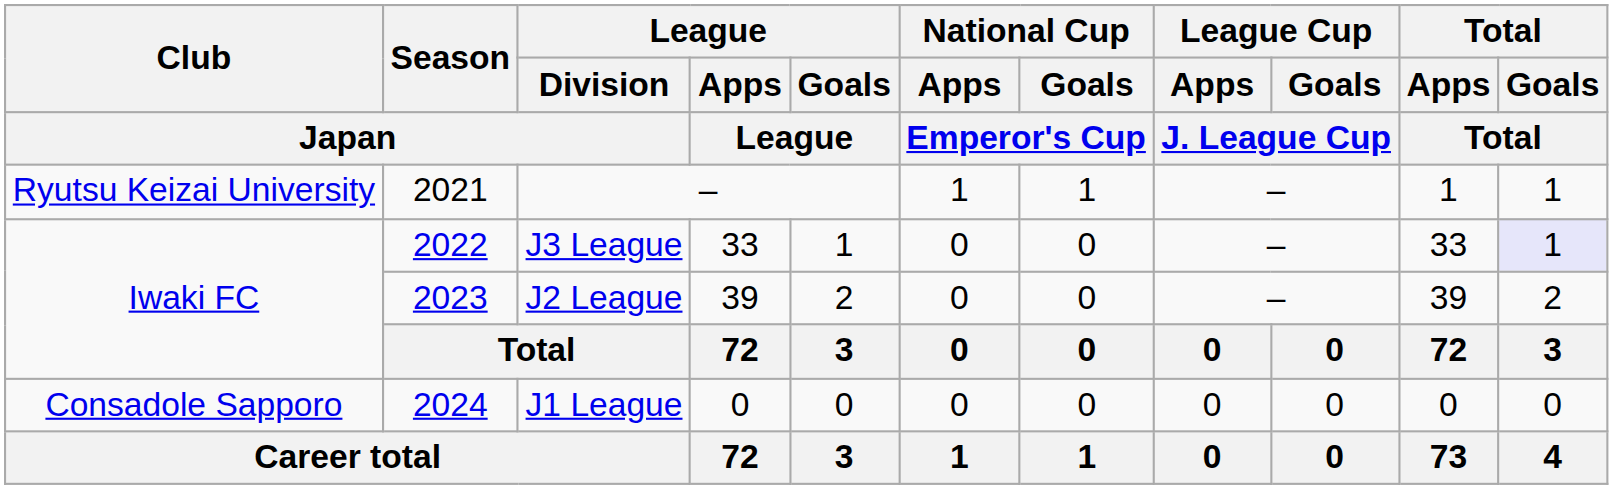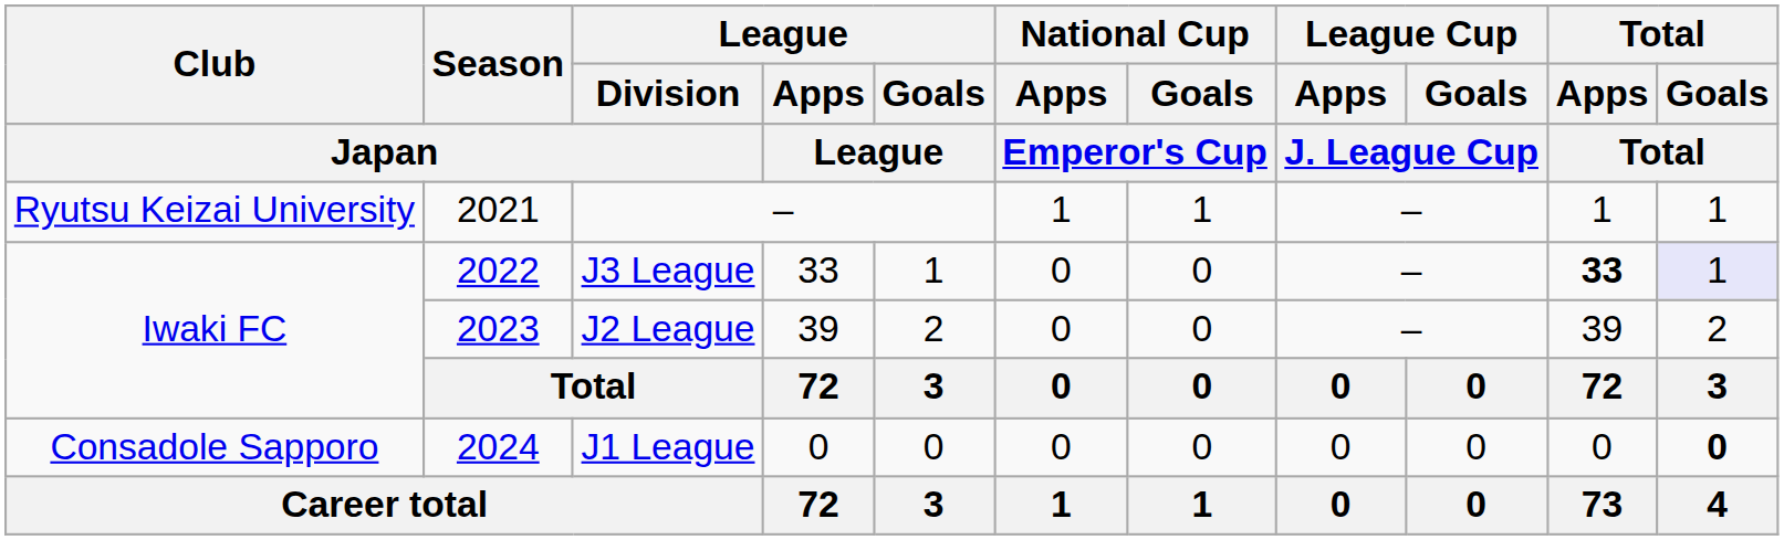 <table class="wikitable" style="text-align:center">
 <tr>
 <th rowspan=2>Club</th>
 <th rowspan=2>Season</th>
 <th colspan=3>League</th>
 <th colspan=2>National Cup</th>
 <th colspan=2>League Cup</th>
 <th colspan=2>Total</th>
 </tr>
 <tr>
 <th>Division</th>
 <th>Apps</th>
 <th>Goals</th>
 <th>Apps</th>
 <th>Goals</th>
 <th>Apps</th>
 <th>Goals</th>
 <th>Apps</th>
 <th>Goals</th>
 </tr>
 <tr>
 <th colspan=3>Japan</th>
 <th colspan=2>League</th>
 <th colspan=2><a href='#'>Emperor's Cup</a></th>
 <th colspan=2><a href='#'>J. League Cup</a></th>
 <th colspan=2>Total</th>
 </tr>
 <tr>
 <td><a href='#'>Ryutsu Keizai University</a></td>
 <td>2021</td>
 <td colspan="3">–</td>
 <td>1</td>
 <td>1</td>
 <td colspan="2">–</td>
 <td>1</td>
 <td>1</td>
 </tr>
 <tr>
 <td rowspan=3><a href='#'>Iwaki FC</a></td>
 <td><a href='#'>2022</a></td>
 <td><a href='#'>J3 League</a></td>
 <td>33</td>
 <td>1</td>
 <td>0</td>
 <td>0</td>
 <td colspan="2">–</td>
-<td>33</td>
+<td><strong>33</strong></td>
 <td style="background: lavender;">1</td>
 </tr>
 <tr>
 <td><a href='#'>2023</a></td>
 <td><a href='#'>J2 League</a></td>
 <td>39</td>
 <td>2</td>
 <td>0</td>
 <td>0</td>
 <td colspan="2">–</td>
 <td>39</td>
 <td>2</td>
 </tr>
 <tr>
 <th colspan="2">Total</th>
 <th>72</th>
 <th>3</th>
 <th>0</th>
 <th>0</th>
 <th>0</th>
 <th>0</th>
 <th>72</th>
 <th>3</th>
 </tr>
 <tr>
 <td rowspan=1><a href='#'>Consadole Sapporo</a></td>
 <td><a href='#'>2024</a></td>
 <td><a href='#'>J1 League</a></td>
 <td>0</td>
 <td>0</td>
 <td>0</td>
 <td>0</td>
 <td>0</td>
 <td>0</td>
 <td>0</td>
-<td>0</td>
+<td><strong>0</strong></td>
 </tr>
 <tr>
 <th colspan=3>Career total</th>
 <th>72</th>
 <th>3</th>
 <th>1</th>
 <th>1</th>
 <th>0</th>
 <th>0</th>
 <th>73</th>
 <th>4</th>
 </tr>
 </table>
